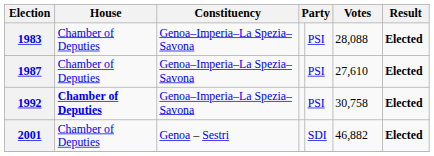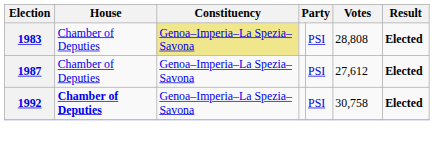 <table class=wikitable style="width:65%; border:1px #AAAAFF solid">
 <tr>
 <th width=12%>Election</th>
 <th width=25%>House</th>
 <th width=35%>Constituency</th>
 <th width=5% colspan="2">Party</th>
 <th width=12%>Votes</th>
 <th width=12%>Result</th>
 </tr>
 <tr>
 <th><a href='#'>1983</a></th>
 <td><a href='#'>Chamber of Deputies</a></td>
-<td><a href='#'>Genoa–Imperia–La Spezia–Savona</a></td>
+<td style="background: khaki;"><a href='#'>Genoa–Imperia–La Spezia–Savona</a></td>
 <td></td>
 <td><a href='#'>PSI</a></td>
-<td>28,088</td>
+<td>28,808</td>
 <td> <strong>Elected</strong></td>
 </tr>
 <tr>
 <th><a href='#'>1987</a></th>
 <td><a href='#'>Chamber of Deputies</a></td>
 <td><a href='#'>Genoa–Imperia–La Spezia–Savona</a></td>
 <td></td>
 <td><a href='#'>PSI</a></td>
-<td>27,610</td>
+<td>27,612</td>
 <td> <strong>Elected</strong></td>
 </tr>
 <tr>
 <th><a href='#'>1992</a></th>
 <td><strong><a href='#'>Chamber of Deputies</a></strong></td>
 <td><a href='#'>Genoa–Imperia–La Spezia–Savona</a></td>
 <td></td>
 <td><a href='#'>PSI</a></td>
 <td>30,758</td>
 <td> <strong>Elected</strong></td>
 </tr>
 <tr>
-<th><a href='#'>2001</a></th>
-<td><a href='#'>Chamber of Deputies</a></td>
-<td><a href='#'>Genoa</a> – <a href='#'>Sestri</a></td>
-<td></td>
-<td><a href='#'>SDI</a></td>
-<td>46,882</td>
-<td> <strong>Elected</strong></td>
-</tr>
-<tr>
 </tr>
 </table>
